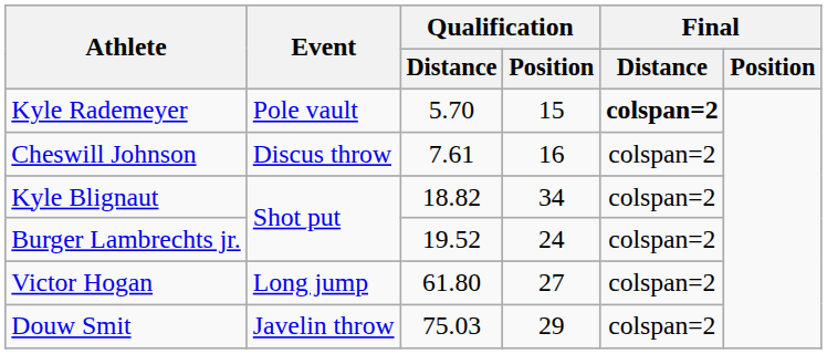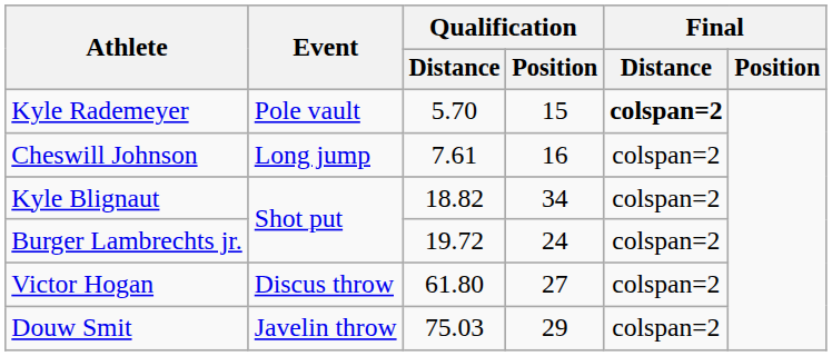 <table class=wikitable style=font-size:90%>
 <tr>
 <th rowspan=2>Athlete</th>
 <th rowspan=2>Event</th>
 <th colspan=2>Qualification</th>
 <th colspan=2>Final</th>
 </tr>
 <tr style=font-size:95%>
 <th>Distance</th>
 <th>Position</th>
 <th>Distance</th>
 <th>Position</th>
 </tr>
 <tr align=center>
 <td align=left><a href='#'>Kyle Rademeyer</a></td>
 <td align=left><a href='#'>Pole vault</a></td>
 <td>5.70</td>
 <td>15</td>
 <td><strong>colspan=2 </strong></td>
 </tr>
 <tr align=center>
 <td align=left><a href='#'>Cheswill Johnson</a></td>
-<td align=left><a href='#'>Discus throw</a></td>
+<td align=left><a href='#'>Long jump</a></td>
 <td>7.61</td>
 <td>16</td>
 <td>colspan=2 </td>
 </tr>
 <tr align=center>
 <td align=left><a href='#'>Kyle Blignaut</a></td>
 <td align=left rowspan=2><a href='#'>Shot put</a></td>
 <td>18.82</td>
 <td>34</td>
 <td>colspan=2 </td>
 </tr>
 <tr align=center>
 <td align=left><a href='#'>Burger Lambrechts jr.</a></td>
-<td>19.52</td>
+<td>19.72</td>
 <td>24</td>
 <td>colspan=2 </td>
 </tr>
 <tr align=center>
 <td align=left><a href='#'>Victor Hogan</a></td>
-<td align=left><a href='#'>Long jump</a></td>
+<td align=left><a href='#'>Discus throw</a></td>
 <td>61.80</td>
 <td>27</td>
 <td>colspan=2 </td>
 </tr>
 <tr align=center>
 <td align=left><a href='#'>Douw Smit</a></td>
 <td align=left><a href='#'>Javelin throw</a></td>
 <td>75.03</td>
 <td>29</td>
 <td>colspan=2 </td>
 </tr>
 </table>
